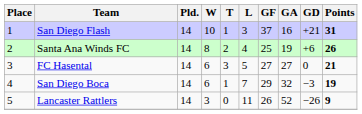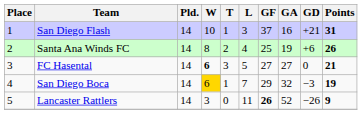 <table class="wikitable">
 <tr>
 <th>Place</th>
 <th width="200">Team</th>
 <th width="20">Pld.</th>
 <th width="20">W</th>
 <th width="20">T</th>
 <th width="20">L</th>
 <th width="20">GF</th>
 <th width="20">GA</th>
 <th width="25">GD</th>
 <th>Points</th>
 </tr>
 <tr bgcolor="#ccccff">
 <td>1</td>
 <td><a href='#'>San Diego Flash</a></td>
 <td>14</td>
 <td>10</td>
 <td>1</td>
 <td>3</td>
 <td>37</td>
 <td>16</td>
 <td>+21</td>
 <td><strong>31</strong></td>
 </tr>
 <tr bgcolor="#ccffcc">
 <td>2</td>
 <td>Santa Ana Winds FC</td>
 <td>14</td>
 <td>8</td>
 <td>2</td>
 <td>4</td>
 <td>25</td>
 <td>19</td>
 <td>+6</td>
 <td><strong>26</strong></td>
 </tr>
 <tr>
 <td>3</td>
 <td><a href='#'>FC Hasental</a></td>
 <td>14</td>
-<td>6</td>
+<td><strong>6</strong></td>
 <td>3</td>
 <td>5</td>
 <td>27</td>
 <td>27</td>
 <td>0</td>
 <td><strong>21</strong></td>
 </tr>
 <tr>
 <td>4</td>
 <td><a href='#'>San Diego Boca</a></td>
 <td>14</td>
-<td>6</td>
+<td style="background: gold;">6</td>
 <td>1</td>
 <td>7</td>
 <td>29</td>
 <td>32</td>
 <td>−3</td>
 <td><strong>19</strong></td>
 </tr>
 <tr>
 <td>5</td>
 <td><a href='#'>Lancaster Rattlers</a></td>
 <td>14</td>
 <td>3</td>
 <td>0</td>
 <td>11</td>
-<td>26</td>
+<td><strong>26</strong></td>
 <td>52</td>
 <td>−26</td>
 <td><strong>9</strong></td>
 </tr>
 <tr>
 </tr>
 </table>
